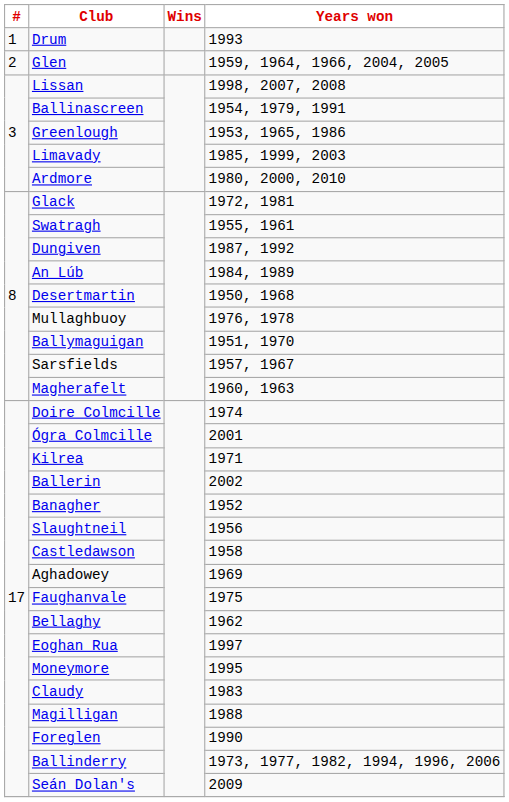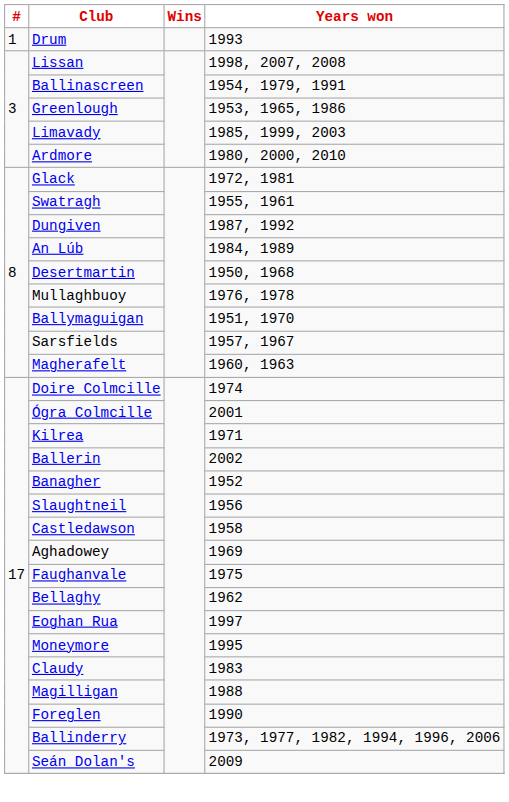 <table class="wikitable">
 <tr>
 <th style="background:white;color:#e00000;">#</th>
 <th style="background:white;color:#e00000;">Club</th>
 <th style="background:white;color:#e00000;">Wins</th>
 <th style="background:white;color:#e00000;">Years won</th>
 </tr>
 <tr>
 <td>1</td>
 <td><a href='#'>Drum</a></td>
 <td></td>
 <td>1993</td>
-</tr>
-<tr>
-<td>2</td>
-<td><a href='#'>Glen</a></td>
-<td></td>
-<td>1959, 1964, 1966, 2004, 2005</td>
 </tr>
 <tr>
 <td rowspan=5>3</td>
 <td><a href='#'>Lissan</a></td>
 <td rowspan=5></td>
 <td>1998, 2007, 2008</td>
 </tr>
 <tr>
 <td><a href='#'>Ballinascreen</a></td>
 <td>1954, 1979, 1991</td>
 </tr>
 <tr>
 <td><a href='#'>Greenlough</a></td>
 <td>1953, 1965, 1986</td>
 </tr>
 <tr>
 <td><a href='#'>Limavady</a></td>
 <td>1985, 1999, 2003</td>
 </tr>
 <tr>
 <td><a href='#'>Ardmore</a></td>
 <td>1980, 2000, 2010</td>
 </tr>
 <tr>
 <td rowspan=9>8</td>
 <td><a href='#'>Glack</a></td>
 <td rowspan=9></td>
 <td>1972, 1981</td>
 </tr>
 <tr>
 <td><a href='#'>Swatragh</a></td>
 <td>1955, 1961</td>
 </tr>
 <tr>
 <td><a href='#'>Dungiven</a></td>
 <td>1987, 1992</td>
 </tr>
 <tr>
 <td><a href='#'>An Lúb</a></td>
 <td>1984, 1989</td>
 </tr>
 <tr>
 <td><a href='#'>Desertmartin</a></td>
 <td>1950, 1968</td>
 </tr>
 <tr>
 <td>Mullaghbuoy</td>
 <td>1976, 1978</td>
 </tr>
 <tr>
 <td><a href='#'>Ballymaguigan</a></td>
 <td>1951, 1970</td>
 </tr>
 <tr>
 <td>Sarsfields</td>
 <td>1957, 1967</td>
 </tr>
 <tr>
 <td><a href='#'>Magherafelt</a></td>
 <td>1960, 1963</td>
 </tr>
 <tr>
 <td rowspan=17>17</td>
 <td><a href='#'>Doire Colmcille</a></td>
 <td rowspan=17></td>
 <td>1974</td>
 </tr>
 <tr>
 <td><a href='#'>Ógra Colmcille</a></td>
 <td>2001</td>
 </tr>
 <tr>
 <td><a href='#'>Kilrea</a></td>
 <td>1971</td>
 </tr>
 <tr>
 <td><a href='#'>Ballerin</a></td>
 <td>2002</td>
 </tr>
 <tr>
 <td><a href='#'>Banagher</a></td>
 <td>1952</td>
 </tr>
 <tr>
 <td><a href='#'>Slaughtneil</a></td>
 <td>1956</td>
 </tr>
 <tr>
 <td><a href='#'>Castledawson</a></td>
 <td>1958</td>
 </tr>
 <tr>
 <td>Aghadowey</td>
 <td>1969</td>
 </tr>
 <tr>
 <td><a href='#'>Faughanvale</a></td>
 <td>1975</td>
 </tr>
 <tr>
 <td><a href='#'>Bellaghy</a></td>
 <td>1962</td>
 </tr>
 <tr>
 <td><a href='#'>Eoghan Rua</a></td>
 <td>1997</td>
 </tr>
 <tr>
 <td><a href='#'>Moneymore</a></td>
 <td>1995</td>
 </tr>
 <tr>
 <td><a href='#'>Claudy</a></td>
 <td>1983</td>
 </tr>
 <tr>
 <td><a href='#'>Magilligan</a></td>
 <td>1988</td>
 </tr>
 <tr>
 <td><a href='#'>Foreglen</a></td>
 <td>1990</td>
 </tr>
 <tr>
 <td><a href='#'>Ballinderry</a></td>
 <td>1973, 1977, 1982, 1994, 1996, 2006</td>
 </tr>
 <tr>
 <td><a href='#'>Seán Dolan's</a></td>
 <td>2009</td>
 </tr>
 <tr>
 </tr>
 </table>
